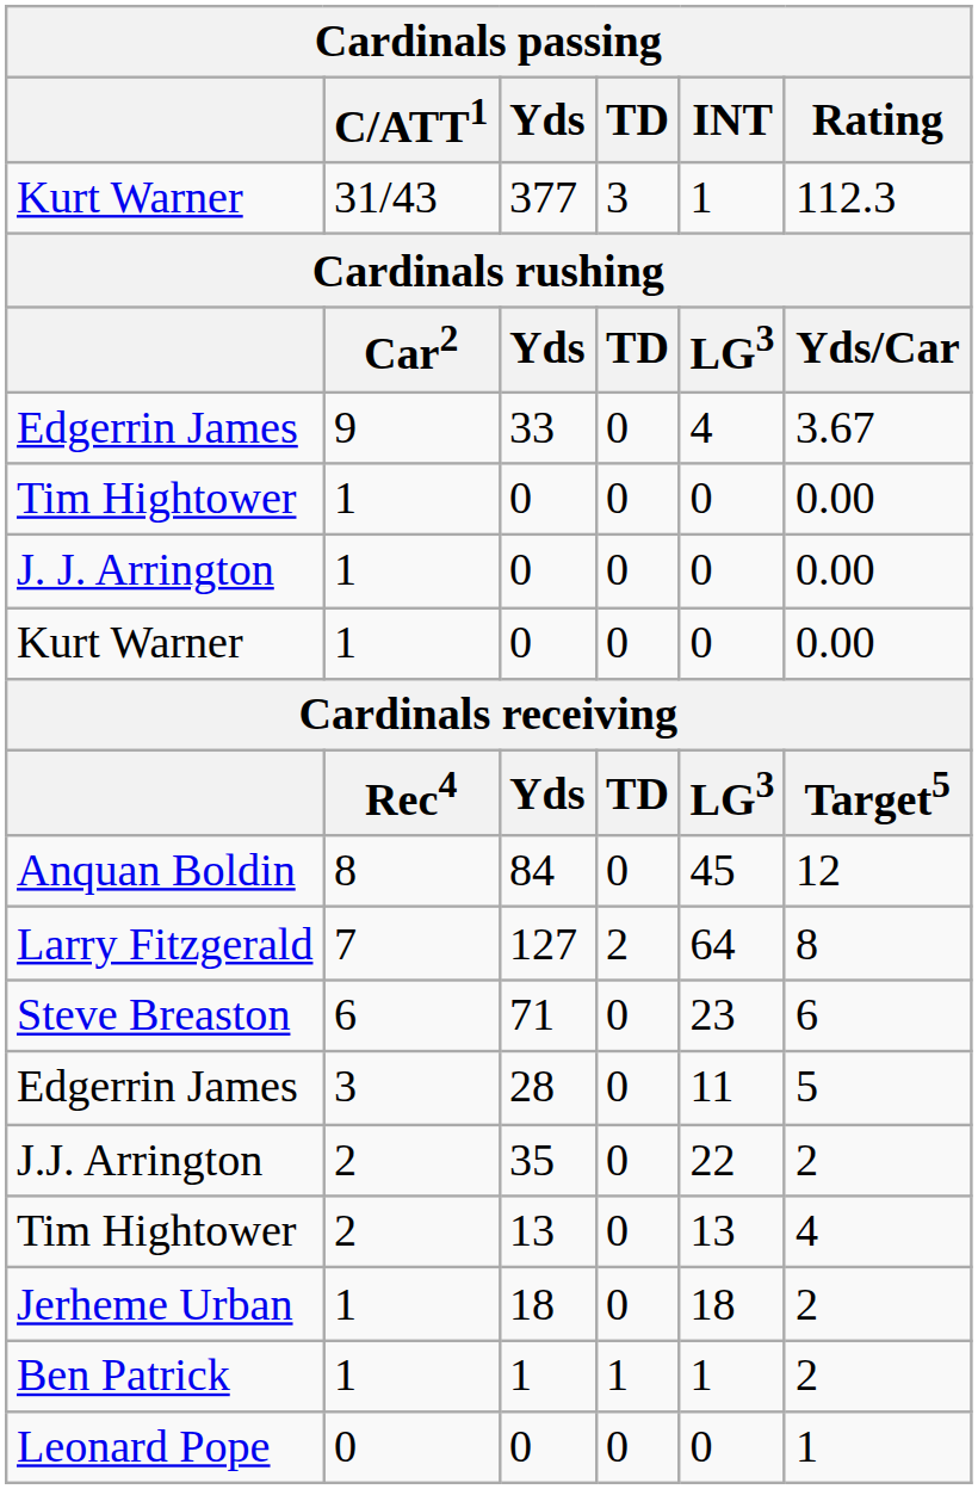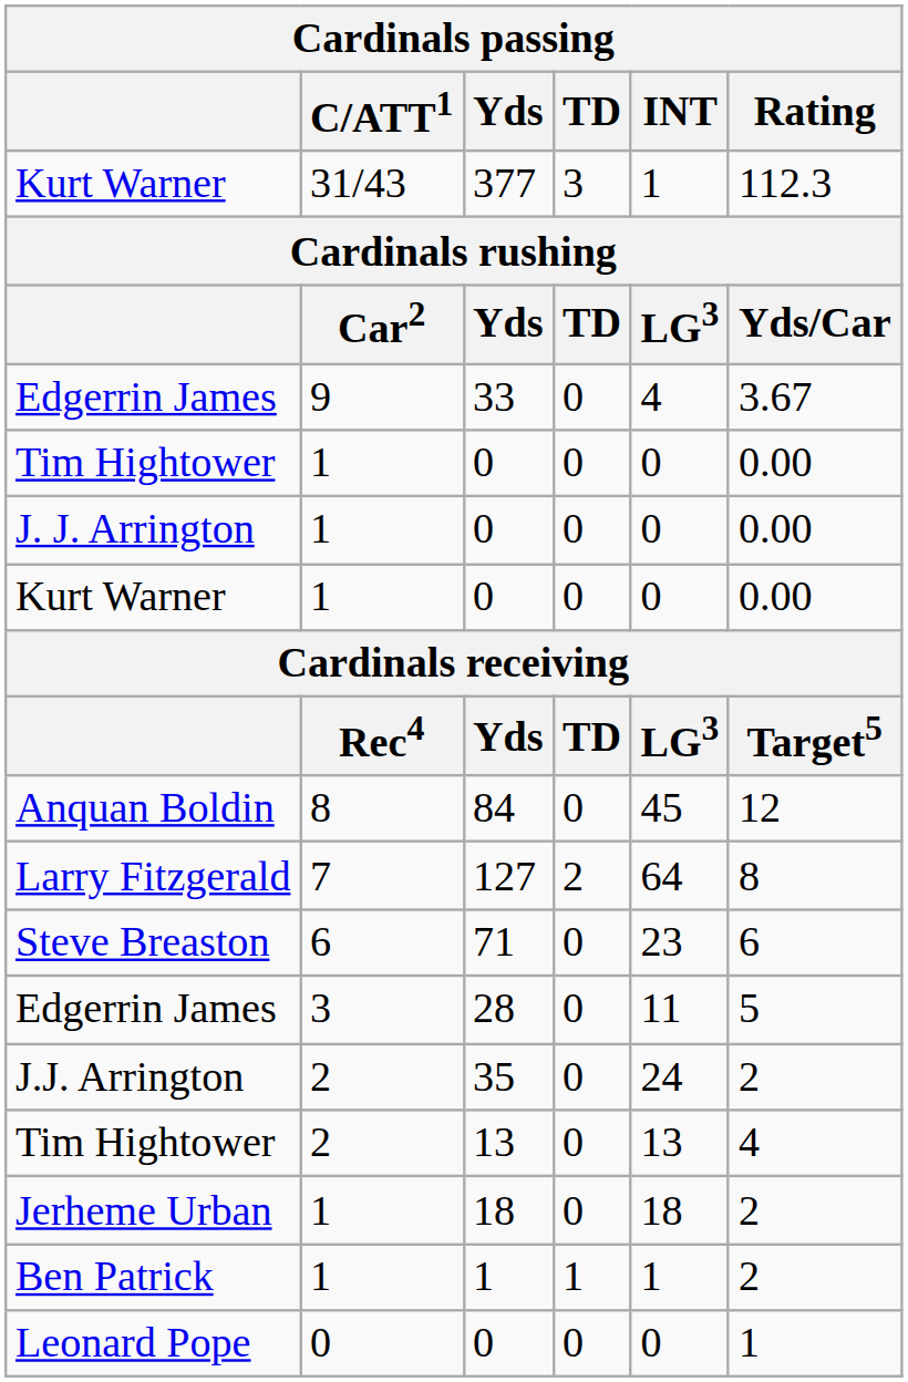 <table class="wikitable">
 <tr>
 <th colspan="6">Cardinals passing</th>
 </tr>
 <tr>
 <th></th>
 <th>C/ATT<sup>1</sup></th>
 <th>Yds</th>
 <th>TD</th>
 <th>INT</th>
 <th>Rating</th>
 </tr>
 <tr>
 <td><a href='#'>Kurt Warner</a></td>
 <td>31/43</td>
 <td>377</td>
 <td>3</td>
 <td>1</td>
 <td>112.3</td>
 </tr>
 <tr>
 <th colspan="6">Cardinals rushing</th>
 </tr>
 <tr>
 <th></th>
 <th>Car<sup>2</sup></th>
 <th>Yds</th>
 <th>TD</th>
 <th>LG<sup>3</sup></th>
 <th>Yds/Car</th>
 </tr>
 <tr>
 <td><a href='#'>Edgerrin James</a></td>
 <td>9</td>
 <td>33</td>
 <td>0</td>
 <td>4</td>
 <td>3.67</td>
 </tr>
 <tr>
 <td><a href='#'>Tim Hightower</a></td>
 <td>1</td>
 <td>0</td>
 <td>0</td>
 <td>0</td>
 <td>0.00</td>
 </tr>
 <tr>
 <td><a href='#'>J. J. Arrington</a></td>
 <td>1</td>
 <td>0</td>
 <td>0</td>
 <td>0</td>
 <td>0.00</td>
 </tr>
 <tr>
 <td>Kurt Warner</td>
 <td>1</td>
 <td>0</td>
 <td>0</td>
 <td>0</td>
 <td>0.00</td>
 </tr>
 <tr>
 <th colspan="6">Cardinals receiving</th>
 </tr>
 <tr>
 <th></th>
 <th>Rec<sup>4</sup></th>
 <th>Yds</th>
 <th>TD</th>
 <th>LG<sup>3</sup></th>
 <th>Target<sup>5</sup></th>
 </tr>
 <tr>
 <td><a href='#'>Anquan Boldin</a></td>
 <td>8</td>
 <td>84</td>
 <td>0</td>
 <td>45</td>
 <td>12</td>
 </tr>
 <tr>
 <td><a href='#'>Larry Fitzgerald</a></td>
 <td>7</td>
 <td>127</td>
 <td>2</td>
 <td>64</td>
 <td>8</td>
 </tr>
 <tr>
 <td><a href='#'>Steve Breaston</a></td>
 <td>6</td>
 <td>71</td>
 <td>0</td>
 <td>23</td>
 <td>6</td>
 </tr>
 <tr>
 <td>Edgerrin James</td>
 <td>3</td>
 <td>28</td>
 <td>0</td>
 <td>11</td>
 <td>5</td>
 </tr>
 <tr>
 <td>J.J. Arrington</td>
 <td>2</td>
 <td>35</td>
 <td>0</td>
-<td>22</td>
+<td>24</td>
 <td>2</td>
 </tr>
 <tr>
 <td>Tim Hightower</td>
 <td>2</td>
 <td>13</td>
 <td>0</td>
 <td>13</td>
 <td>4</td>
 </tr>
 <tr>
 <td><a href='#'>Jerheme Urban</a></td>
 <td>1</td>
 <td>18</td>
 <td>0</td>
 <td>18</td>
 <td>2</td>
 </tr>
 <tr>
 <td><a href='#'>Ben Patrick</a></td>
 <td>1</td>
 <td>1</td>
 <td>1</td>
 <td>1</td>
 <td>2</td>
 </tr>
 <tr>
 <td><a href='#'>Leonard Pope</a></td>
 <td>0</td>
 <td>0</td>
 <td>0</td>
 <td>0</td>
 <td>1</td>
 </tr>
 </table>
